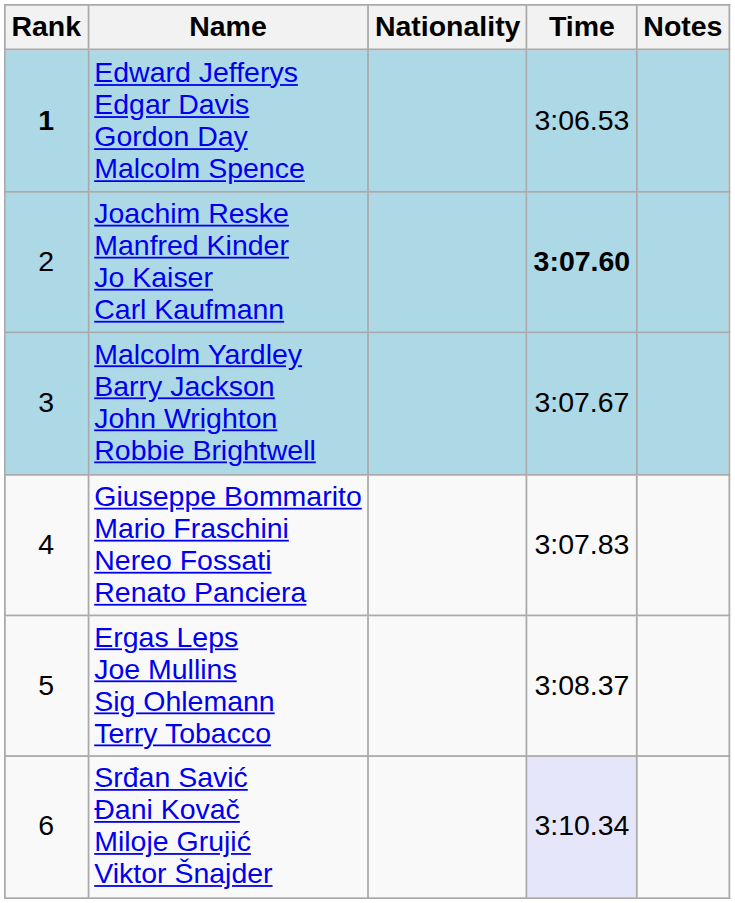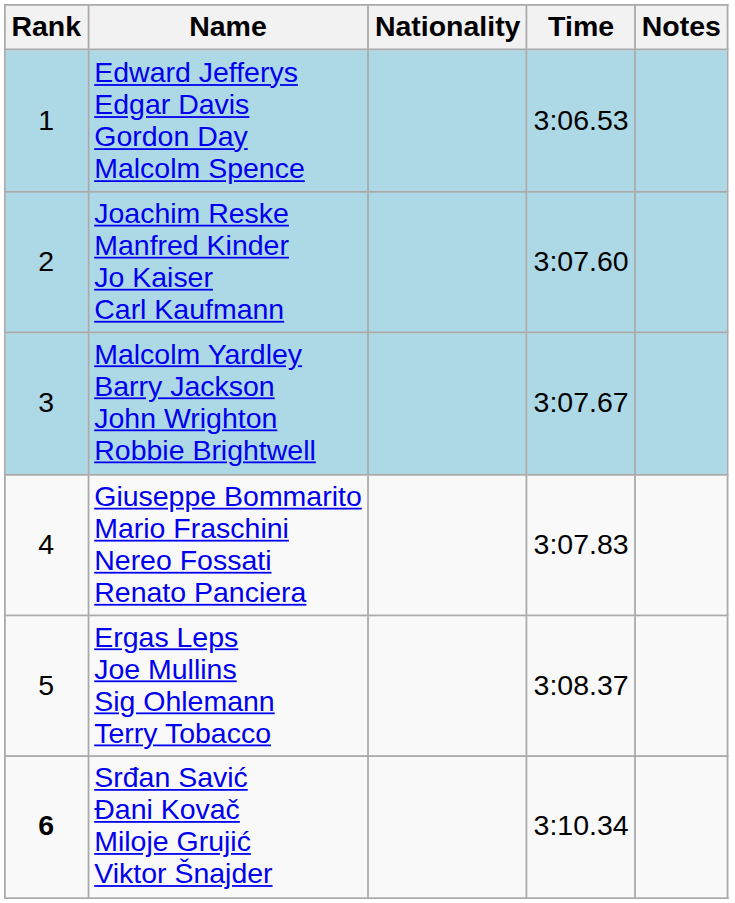 <table class="wikitable sortable" style="text-align:center">
 <tr>
 <th>Rank</th>
 <th>Name</th>
 <th>Nationality</th>
 <th>Time</th>
 <th>Notes</th>
 </tr>
 <tr bgcolor=lightblue>
-<td><strong>1</strong></td>
+<td>1</td>
 <td align=left><a href='#'>Edward Jefferys</a><br><a href='#'>Edgar Davis</a><br><a href='#'>Gordon Day</a><br><a href='#'>Malcolm Spence</a></td>
 <td align=left></td>
 <td>3:06.53</td>
 <td></td>
 </tr>
 <tr bgcolor=lightblue>
 <td>2</td>
 <td align=left><a href='#'>Joachim Reske</a><br><a href='#'>Manfred Kinder</a><br><a href='#'>Jo Kaiser</a><br><a href='#'>Carl Kaufmann</a></td>
 <td align=left></td>
-<td><strong>3:07.60</strong></td>
+<td>3:07.60</td>
 <td></td>
 </tr>
 <tr bgcolor=lightblue>
 <td>3</td>
 <td align=left><a href='#'>Malcolm Yardley</a><br><a href='#'>Barry Jackson</a><br><a href='#'>John Wrighton</a><br><a href='#'>Robbie Brightwell</a></td>
 <td align=left></td>
 <td>3:07.67</td>
 <td></td>
 </tr>
 <tr>
 <td>4</td>
 <td align=left><a href='#'>Giuseppe Bommarito</a><br><a href='#'>Mario Fraschini</a><br><a href='#'>Nereo Fossati</a><br><a href='#'>Renato Panciera</a></td>
 <td align=left></td>
 <td>3:07.83</td>
 <td></td>
 </tr>
 <tr>
 <td>5</td>
 <td align=left><a href='#'>Ergas Leps</a><br><a href='#'>Joe Mullins</a><br><a href='#'>Sig Ohlemann</a><br><a href='#'>Terry Tobacco</a></td>
 <td align=left></td>
 <td>3:08.37</td>
 <td></td>
 </tr>
 <tr>
-<td>6</td>
+<td><strong>6</strong></td>
 <td align=left><a href='#'>Srđan Savić</a><br><a href='#'>Ðani Kovač</a><br><a href='#'>Miloje Grujić</a><br><a href='#'>Viktor Šnajder</a></td>
 <td align=left></td>
-<td style="background: lavender;">3:10.34</td>
+<td>3:10.34</td>
 <td></td>
 </tr>
 <tr>
 </tr>
 </table>
